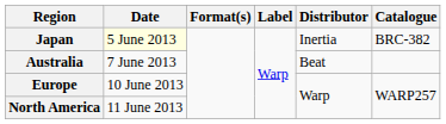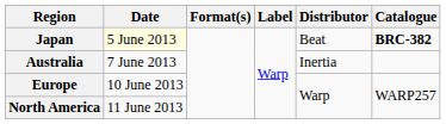 <table class="wikitable plainrowheaders" style="text-align:left">
 <tr>
 <th scope="col">Region</th>
 <th scope="col">Date</th>
 <th scope="col">Format(s)</th>
 <th scope="col">Label</th>
 <th scope="col">Distributor</th>
 <th scope="col">Catalogue</th>
 </tr>
 <tr>
 <th scope="row">Japan</th>
 <td style="background: lightyellow;">5 June 2013</td>
 <td rowspan="4"></td>
 <td rowspan="4"><a href='#'>Warp</a></td>
-<td>Inertia</td>
-<td>BRC-382</td>
+<td>Beat</td>
+<td><strong>BRC-382</strong></td>
 </tr>
 <tr>
 <th scope="row">Australia</th>
 <td>7 June 2013</td>
-<td>Beat</td>
+<td>Inertia</td>
 <td></td>
 </tr>
 <tr>
 <th scope="row">Europe</th>
 <td>10 June 2013</td>
 <td rowspan="2">Warp</td>
 <td rowspan="2">WARP257</td>
 </tr>
 <tr>
 <th scope="row">North America</th>
 <td>11 June 2013</td>
 </tr>
 </table>
